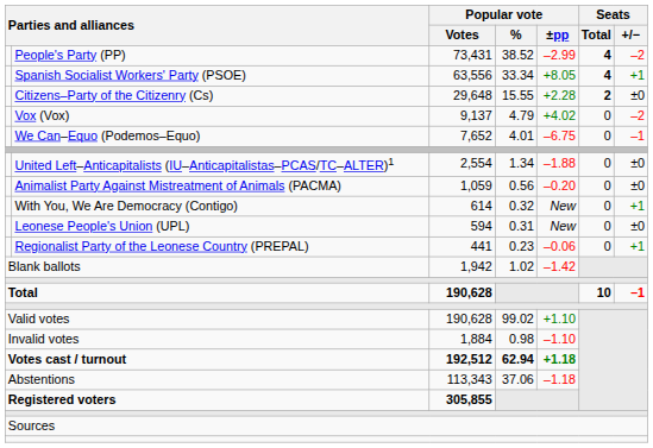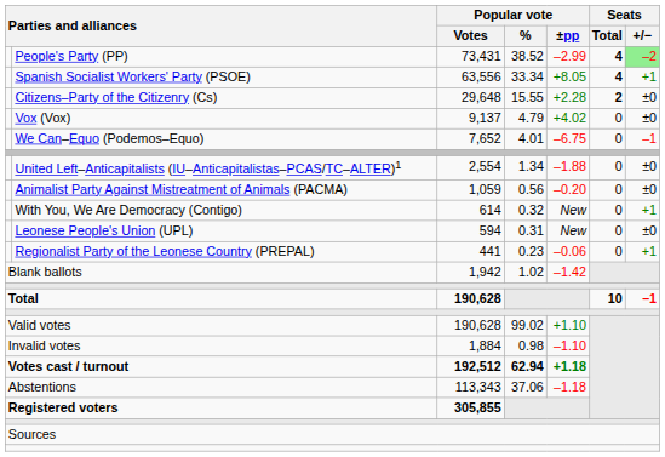 <table class="wikitable" style="text-align:right;">
 <tr>
 <th style="text-align:left;" rowspan="2" colspan="2" width="525">Parties and alliances</th>
 <th colspan="3">Popular vote</th>
 <th colspan="2">Seats</th>
 </tr>
 <tr>
 <th width="75">Votes</th>
 <th width="45">%</th>
 <th width="45">±<a href='#'>pp</a></th>
 <th width="35">Total</th>
 <th width="35">+/−</th>
 </tr>
 <tr>
 <td width="1" style="color:inherit;background:"></td>
 <td align="left"><a href='#'>People's Party</a> (PP)</td>
 <td>73,431</td>
 <td>38.52</td>
 <td style="color:red;">–2.99</td>
 <td><strong>4</strong></td>
-<td style="color:red;">–2</td>
+<td style="background: lightgreen; color:red;">–2</td>
 </tr>
 <tr>
 <td style="color:inherit;background:"></td>
 <td align="left"><a href='#'>Spanish Socialist Workers' Party</a> (PSOE)</td>
 <td>63,556</td>
 <td>33.34</td>
 <td style="color:green;">+8.05</td>
 <td><strong>4</strong></td>
 <td style="color:green;">+1</td>
 </tr>
 <tr>
 <td style="color:inherit;background:"></td>
 <td align="left"><a href='#'>Citizens–Party of the Citizenry</a> (Cs)</td>
 <td>29,648</td>
 <td>15.55</td>
 <td style="color:green;">+2.28</td>
 <td><strong>2</strong></td>
 <td>±0</td>
 </tr>
 <tr>
 <td style="color:inherit;background:"></td>
 <td align="left"><a href='#'>Vox</a> (Vox)</td>
 <td>9,137</td>
 <td>4.79</td>
 <td style="color:green;">+4.02</td>
 <td>0</td>
-<td style="color:red;">–2</td>
+<td>±0</td>
 </tr>
 <tr>
 <td style="color:inherit;background:"></td>
 <td align="left"><a href='#'>We Can</a>–<a href='#'>Equo</a> (Podemos–Equo)</td>
 <td>7,652</td>
 <td>4.01</td>
 <td style="color:red;">–6.75</td>
 <td>0</td>
 <td style="color:red;">–1</td>
 </tr>
 <tr>
 <td colspan="7" bgcolor="#C0C0C0"></td>
 </tr>
 <tr>
 <td style="color:inherit;background:"></td>
 <td align="left"><a href='#'>United Left</a>–<a href='#'>Anticapitalists</a> (<a href='#'>IU</a>–<a href='#'>Anticapitalistas</a>–<a href='#'>PCAS</a>/<a href='#'>TC</a>–<a href='#'>ALTER</a>)<sup>1</sup></td>
 <td>2,554</td>
 <td>1.34</td>
 <td style="color:red;">–1.88</td>
 <td>0</td>
 <td>±0</td>
 </tr>
 <tr>
 <td style="color:inherit;background:"></td>
 <td align="left"><a href='#'>Animalist Party Against Mistreatment of Animals</a> (PACMA)</td>
 <td>1,059</td>
 <td>0.56</td>
 <td style="color:red;">–0.20</td>
 <td>0</td>
 <td>±0</td>
 </tr>
 <tr>
 <td style="color:inherit;background:"></td>
 <td align="left">With You, We Are Democracy (Contigo)</td>
 <td>614</td>
 <td>0.32</td>
 <td><em>New</em></td>
 <td>0</td>
 <td style="color:green;">+1</td>
 </tr>
 <tr>
 <td style="color:inherit;background:"></td>
 <td align="left"><a href='#'>Leonese People's Union</a> (UPL)</td>
 <td>594</td>
 <td>0.31</td>
 <td><em>New</em></td>
 <td>0</td>
 <td>±0</td>
 </tr>
 <tr>
 <td style="color:inherit;background:"></td>
 <td align="left"><a href='#'>Regionalist Party of the Leonese Country</a> (PREPAL)</td>
 <td>441</td>
 <td>0.23</td>
 <td style="color:red;">–0.06</td>
 <td>0</td>
 <td style="color:green;">+1</td>
 </tr>
 <tr>
 <td align="left" colspan="2">Blank ballots</td>
 <td>1,942</td>
 <td>1.02</td>
 <td style="color:red;">–1.42</td>
 <td bgcolor="#E9E9E9" colspan="2"></td>
 </tr>
 <tr>
 <td colspan="7" bgcolor="#E9E9E9"></td>
 </tr>
 <tr style="font-weight:bold;">
 <td align="left" colspan="2">Total</td>
 <td>190,628</td>
 <td bgcolor="#E9E9E9" colspan="2"></td>
 <td>10</td>
 <td style="color:red;">–1</td>
 </tr>
 <tr>
 <td colspan="7" bgcolor="#E9E9E9"></td>
 </tr>
 <tr>
 <td align="left" colspan="2">Valid votes</td>
 <td>190,628</td>
 <td>99.02</td>
 <td style="color:green;">+1.10</td>
 <td bgcolor="#E9E9E9" colspan="2" rowspan="5"></td>
 </tr>
 <tr>
 <td align="left" colspan="2">Invalid votes</td>
 <td>1,884</td>
 <td>0.98</td>
 <td style="color:red;">–1.10</td>
 </tr>
 <tr style="font-weight:bold;">
 <td align="left" colspan="2">Votes cast / turnout</td>
 <td>192,512</td>
 <td>62.94</td>
 <td style="color:green;">+1.18</td>
 </tr>
 <tr>
 <td align="left" colspan="2">Abstentions</td>
 <td>113,343</td>
 <td>37.06</td>
 <td style="color:red;">–1.18</td>
 </tr>
 <tr style="font-weight:bold;">
 <td align="left" colspan="2">Registered voters</td>
 <td>305,855</td>
 <td bgcolor="#E9E9E9" colspan="2"></td>
 </tr>
 <tr>
 <td colspan="7" bgcolor="#E9E9E9"></td>
 </tr>
 <tr>
 <td align="left" colspan="7">Sources</td>
 </tr>
 <tr>
 <td colspan="7" style="text-align:left; max-width:790px;"></td>
 </tr>
 </table>
